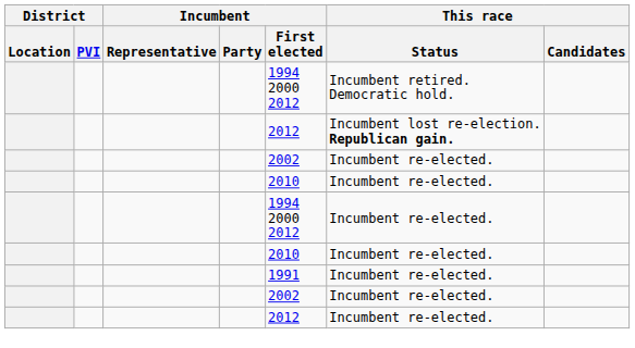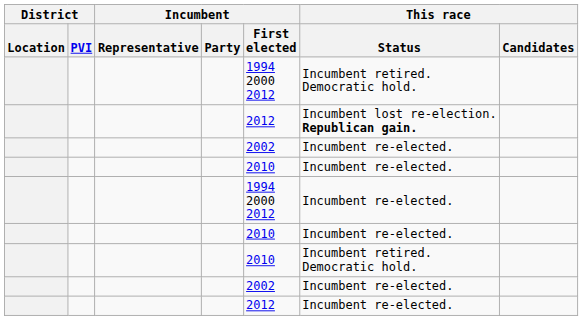 <table class="wikitable sortable">
 <tr valign=bottom>
 <th colspan=2>District</th>
 <th colspan=3>Incumbent</th>
 <th colspan=2>This race</th>
 </tr>
 <tr valign=bottom>
 <th>Location</th>
 <th><a href='#'>PVI</a></th>
 <th>Representative</th>
 <th>Party</th>
 <th>First<br>elected</th>
 <th>Status</th>
 <th>Candidates</th>
 </tr>
 <tr>
 <th></th>
 <td></td>
 <td></td>
 <td></td>
 <td><a href='#'>1994</a><br>2000 <br><a href='#'>2012</a></td>
 <td>Incumbent retired.<br>Democratic hold.</td>
 <td nowrap></td>
 </tr>
 <tr>
 <th></th>
 <td></td>
 <td></td>
 <td></td>
 <td><a href='#'>2012 </a></td>
 <td>Incumbent lost re-election.<br><strong>Republican gain.</strong></td>
 <td nowrap></td>
 </tr>
 <tr>
 <th></th>
 <td></td>
 <td></td>
 <td></td>
 <td><a href='#'>2002</a></td>
 <td>Incumbent re-elected.</td>
 <td nowrap></td>
 </tr>
 <tr>
 <th></th>
 <td></td>
 <td></td>
 <td></td>
 <td><a href='#'>2010</a></td>
 <td>Incumbent re-elected.</td>
 <td nowrap></td>
 </tr>
 <tr>
 <th></th>
 <td></td>
 <td></td>
 <td></td>
 <td><a href='#'>1994</a><br>2000 <br><a href='#'>2012</a></td>
 <td>Incumbent re-elected.</td>
 <td nowrap></td>
 </tr>
 <tr>
 <th></th>
 <td></td>
 <td></td>
 <td></td>
 <td><a href='#'>2010</a></td>
 <td>Incumbent re-elected.</td>
 <td nowrap></td>
 </tr>
 <tr>
 <th></th>
 <td></td>
 <td></td>
 <td></td>
-<td><a href='#'>1991 </a></td>
-<td>Incumbent re-elected.</td>
+<td><a href='#'>2010</a></td>
+<td>Incumbent retired.<br>Democratic hold.</td>
 <td nowrap></td>
 </tr>
 <tr>
 <th></th>
 <td></td>
 <td></td>
 <td></td>
 <td><a href='#'>2002</a></td>
 <td>Incumbent re-elected.</td>
 <td nowrap></td>
 </tr>
 <tr>
 <th></th>
 <td></td>
 <td></td>
 <td></td>
 <td><a href='#'>2012</a></td>
 <td>Incumbent re-elected.</td>
 <td nowrap></td>
 </tr>
 </table>
